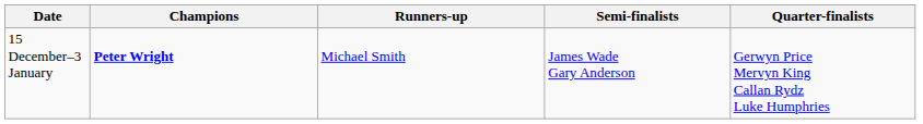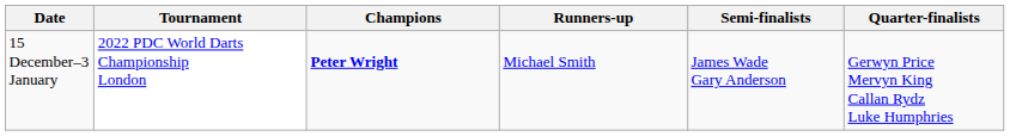 <table class=wikitable style=font-size:85%>
 <tr>
 <th width=75>Date</th>
+<th width=230>Tournament</th>
 <th width=210>Champions</th>
 <th width=210>Runners-up</th>
 <th width=170>Semi-finalists</th>
 <th width=170>Quarter-finalists</th>
 </tr>
 <tr valign="top">
 <td>15 December–3 January</td>
+<td bgcolor="#ffffff"><a href='#'>2022 PDC World Darts Championship</a><br> <a href='#'>London</a></td>
 <td><br> <strong><a href='#'>Peter Wright</a></strong></td>
 <td><br> <a href='#'>Michael Smith</a></td>
 <td><br> <a href='#'>James Wade</a> <br>  <a href='#'>Gary Anderson</a></td>
 <td><br> <a href='#'>Gerwyn Price</a> <br>  <a href='#'>Mervyn King</a> <br>  <a href='#'>Callan Rydz</a> <br>  <a href='#'>Luke Humphries</a></td>
 </tr>
 </table>
